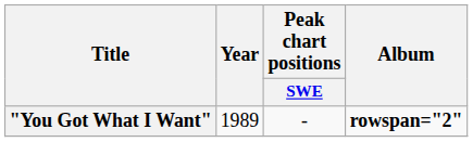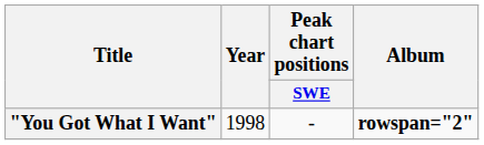 <table class="wikitable plainrowheaders" style="text-align:center;">
 <tr>
 <th scope="col" rowspan="2">Title</th>
 <th scope="col" rowspan="2">Year</th>
 <th scope="col" colspan="1">Peak chart positions</th>
 <th scope="col" rowspan="2">Album</th>
 </tr>
 <tr>
 <th scope="col" style="width:3em;font-size:85%;"><a href='#'>SWE</a></th>
 </tr>
 <tr>
 <th scope="row">"You Got What I Want"</th>
-<td>1989</td>
+<td>1998</td>
 <td>-</td>
 <td><strong>rowspan="2" </strong></td>
 </tr>
 <tr>
 </tr>
 </table>
